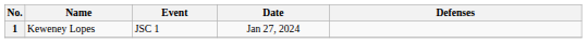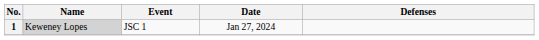 <table class="wikitable" width=100%>
 <tr>
 <th width=1%>No.</th>
 <th width=19%>Name</th>
 <th width=15%>Event</th>
 <th width=20%>Date</th>
 <th width=45%>Defenses</th>
 </tr>
 <tr>
 <th>1</th>
-<td> Keweney Lopes <br></td>
+<td style="background: lightgrey;"> Keweney Lopes <br></td>
 <td>JSC 1 <br></td>
 <td align=center>Jan 27, 2024</td>
 <td></td>
 </tr>
 <tr>
 </tr>
 </table>
